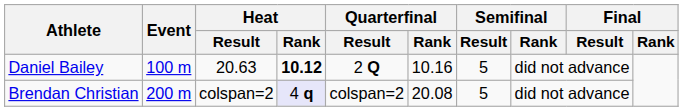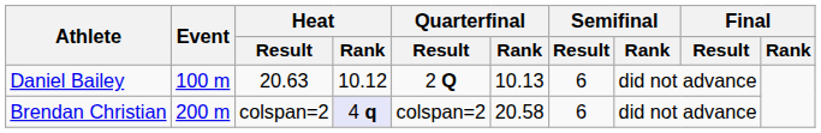 <table class="wikitable" style="font-size:90%">
 <tr>
 <th rowspan="2">Athlete</th>
 <th rowspan="2">Event</th>
 <th colspan="2">Heat</th>
 <th colspan="2">Quarterfinal</th>
 <th colspan="2">Semifinal</th>
 <th colspan="2">Final</th>
 </tr>
 <tr style="font-size:95%">
 <th>Result</th>
 <th>Rank</th>
 <th>Result</th>
 <th>Rank</th>
 <th>Result</th>
 <th>Rank</th>
 <th>Result</th>
 <th>Rank</th>
 </tr>
 <tr align=center>
 <td align=left><a href='#'>Daniel Bailey</a></td>
 <td align=left><a href='#'>100 m</a></td>
 <td>20.63</td>
-<td><strong>10.12</strong></td>
+<td>10.12</td>
 <td>2 <strong>Q</strong></td>
-<td>10.16</td>
-<td>5</td>
+<td>10.13</td>
+<td>6</td>
 <td colspan="2">did not advance</td>
 </tr>
 <tr align=center>
 <td align=left><a href='#'>Brendan Christian</a></td>
 <td align=left><a href='#'>200 m</a></td>
 <td>colspan=2 </td>
 <td style="background: lavender;">4 <strong>q</strong></td>
 <td>colspan=2 </td>
-<td>20.08</td>
-<td>5</td>
+<td>20.58</td>
+<td>6</td>
 <td colspan=2>did not advance</td>
 </tr>
 </table>
